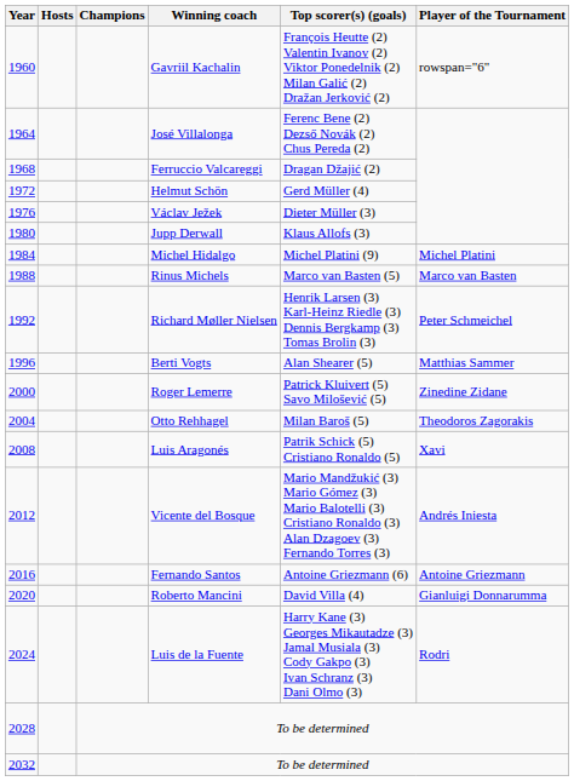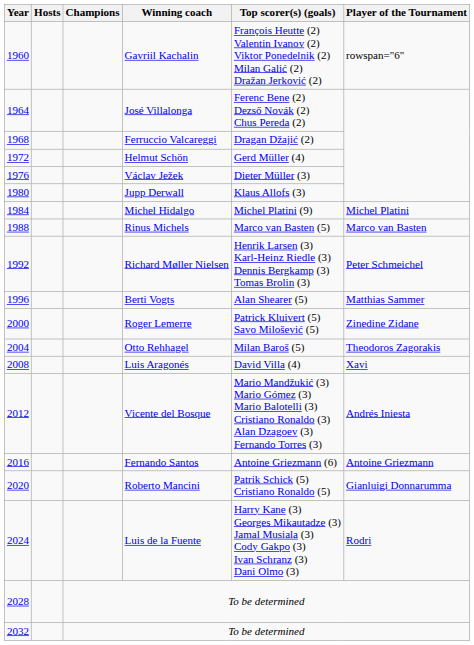 <table class="wikitable sortable">
 <tr>
 <th>Year</th>
 <th>Hosts</th>
 <th>Champions</th>
 <th>Winning coach</th>
 <th>Top scorer(s) (goals)</th>
 <th>Player of the Tournament</th>
 </tr>
 <tr>
 <td><a href='#'>1960</a></td>
 <td></td>
 <td></td>
 <td> <a href='#'>Gavriil Kachalin</a></td>
 <td> <a href='#'>François Heutte</a> (2)<br> <a href='#'>Valentin Ivanov</a> (2)<br> <a href='#'>Viktor Ponedelnik</a> (2)<br> <a href='#'>Milan Galić</a> (2)<br> <a href='#'>Dražan Jerković</a> (2)</td>
 <td>rowspan="6" </td>
 </tr>
 <tr>
 <td><a href='#'>1964</a></td>
 <td></td>
 <td></td>
 <td> <a href='#'>José Villalonga</a></td>
 <td> <a href='#'>Ferenc Bene</a> (2)<br> <a href='#'>Dezső Novák</a> (2)<br> <a href='#'>Chus Pereda</a> (2)</td>
 </tr>
 <tr>
 <td><a href='#'>1968</a></td>
 <td></td>
 <td></td>
 <td> <a href='#'>Ferruccio Valcareggi</a></td>
 <td> <a href='#'>Dragan Džajić</a> (2)</td>
 </tr>
 <tr>
 <td><a href='#'>1972</a></td>
 <td></td>
 <td></td>
 <td> <a href='#'>Helmut Schön</a></td>
 <td> <a href='#'>Gerd Müller</a> (4)</td>
 </tr>
 <tr>
 <td><a href='#'>1976</a></td>
 <td></td>
 <td></td>
 <td> <a href='#'>Václav Ježek</a></td>
 <td> <a href='#'>Dieter Müller</a> (3)</td>
 </tr>
 <tr>
 <td><a href='#'>1980</a></td>
 <td></td>
 <td></td>
 <td> <a href='#'>Jupp Derwall</a></td>
 <td> <a href='#'>Klaus Allofs</a> (3)</td>
 </tr>
 <tr>
 <td><a href='#'>1984</a></td>
 <td></td>
 <td></td>
 <td> <a href='#'>Michel Hidalgo</a></td>
 <td> <a href='#'>Michel Platini</a> (9)</td>
 <td> <a href='#'>Michel Platini</a></td>
 </tr>
 <tr>
 <td><a href='#'>1988</a></td>
 <td></td>
 <td></td>
 <td> <a href='#'>Rinus Michels</a></td>
 <td> <a href='#'>Marco van Basten</a> (5)</td>
 <td> <a href='#'>Marco van Basten</a></td>
 </tr>
 <tr>
 <td><a href='#'>1992</a></td>
 <td></td>
 <td></td>
 <td> <a href='#'>Richard Møller Nielsen</a></td>
 <td> <a href='#'>Henrik Larsen</a> (3)<br> <a href='#'>Karl-Heinz Riedle</a> (3)<br> <a href='#'>Dennis Bergkamp</a> (3)<br> <a href='#'>Tomas Brolin</a> (3)</td>
 <td> <a href='#'>Peter Schmeichel</a></td>
 </tr>
 <tr>
 <td><a href='#'>1996</a></td>
 <td></td>
 <td></td>
 <td> <a href='#'>Berti Vogts</a></td>
 <td> <a href='#'>Alan Shearer</a> (5)</td>
 <td> <a href='#'>Matthias Sammer</a></td>
 </tr>
 <tr>
 <td><a href='#'>2000</a></td>
 <td><br></td>
 <td></td>
 <td> <a href='#'>Roger Lemerre</a></td>
 <td> <a href='#'>Patrick Kluivert</a> (5)<br> <a href='#'>Savo Milošević</a> (5)</td>
 <td> <a href='#'>Zinedine Zidane</a></td>
 </tr>
 <tr>
 <td><a href='#'>2004</a></td>
 <td></td>
 <td></td>
 <td> <a href='#'>Otto Rehhagel</a></td>
 <td> <a href='#'>Milan Baroš</a> (5)</td>
 <td> <a href='#'>Theodoros Zagorakis</a></td>
 </tr>
 <tr>
 <td><a href='#'>2008</a></td>
 <td><br></td>
 <td></td>
 <td> <a href='#'>Luis Aragonés</a></td>
-<td> <a href='#'>Patrik Schick</a> (5)<br> <a href='#'>Cristiano Ronaldo</a> (5)</td>
+<td> <a href='#'>David Villa</a> (4)</td>
 <td> <a href='#'>Xavi</a></td>
 </tr>
 <tr>
 <td><a href='#'>2012</a></td>
 <td><br></td>
 <td></td>
 <td> <a href='#'>Vicente del Bosque</a></td>
 <td> <a href='#'>Mario Mandžukić</a> (3)<br> <a href='#'>Mario Gómez</a> (3)<br> <a href='#'>Mario Balotelli</a> (3)<br> <a href='#'>Cristiano Ronaldo</a> (3)<br> <a href='#'>Alan Dzagoev</a> (3)<br> <a href='#'>Fernando Torres</a> (3)</td>
 <td> <a href='#'>Andrés Iniesta</a></td>
 </tr>
 <tr>
 <td><a href='#'>2016</a></td>
 <td></td>
 <td></td>
 <td> <a href='#'>Fernando Santos</a></td>
 <td> <a href='#'>Antoine Griezmann</a> (6)</td>
 <td> <a href='#'>Antoine Griezmann</a></td>
 </tr>
 <tr>
 <td><a href='#'>2020</a></td>
 <td></td>
 <td></td>
 <td> <a href='#'>Roberto Mancini</a></td>
-<td> <a href='#'>David Villa</a> (4)</td>
+<td> <a href='#'>Patrik Schick</a> (5)<br> <a href='#'>Cristiano Ronaldo</a> (5)</td>
 <td> <a href='#'>Gianluigi Donnarumma</a></td>
 </tr>
 <tr>
 <td><a href='#'>2024</a></td>
 <td></td>
 <td></td>
 <td> <a href='#'>Luis de la Fuente</a></td>
 <td> <a href='#'>Harry Kane</a> (3)<br> <a href='#'>Georges Mikautadze</a> (3)<br> <a href='#'>Jamal Musiala</a> (3)<br> <a href='#'>Cody Gakpo</a> (3)<br> <a href='#'>Ivan Schranz</a> (3)<br> <a href='#'>Dani Olmo</a> (3)</td>
 <td> <a href='#'>Rodri</a></td>
 </tr>
 <tr>
 <td><a href='#'>2028</a></td>
 <td><br><br><br></td>
 <td style="text-align:center;" colspan="4"><em>To be determined</em></td>
 </tr>
 <tr>
 <td><a href='#'>2032</a></td>
 <td><br></td>
 <td style="text-align:center;" colspan="4"><em>To be determined</em></td>
 </tr>
 </table>
